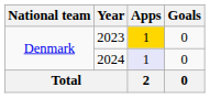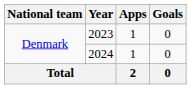 <table class=wikitable style="text-align: center;">
 <tr>
 <th>National team</th>
 <th>Year</th>
 <th>Apps</th>
 <th>Goals</th>
 </tr>
 <tr>
 <td rowspan="2"><a href='#'>Denmark</a></td>
 <td>2023</td>
-<td style="background: gold;">1</td>
+<td>1</td>
 <td>0</td>
 </tr>
 <tr>
 <td>2024</td>
-<td style="background: lavender;">1</td>
+<td>1</td>
 <td>0</td>
 </tr>
 <tr>
 <th colspan="2">Total</th>
 <th>2</th>
 <th>0</th>
 </tr>
 </table>
